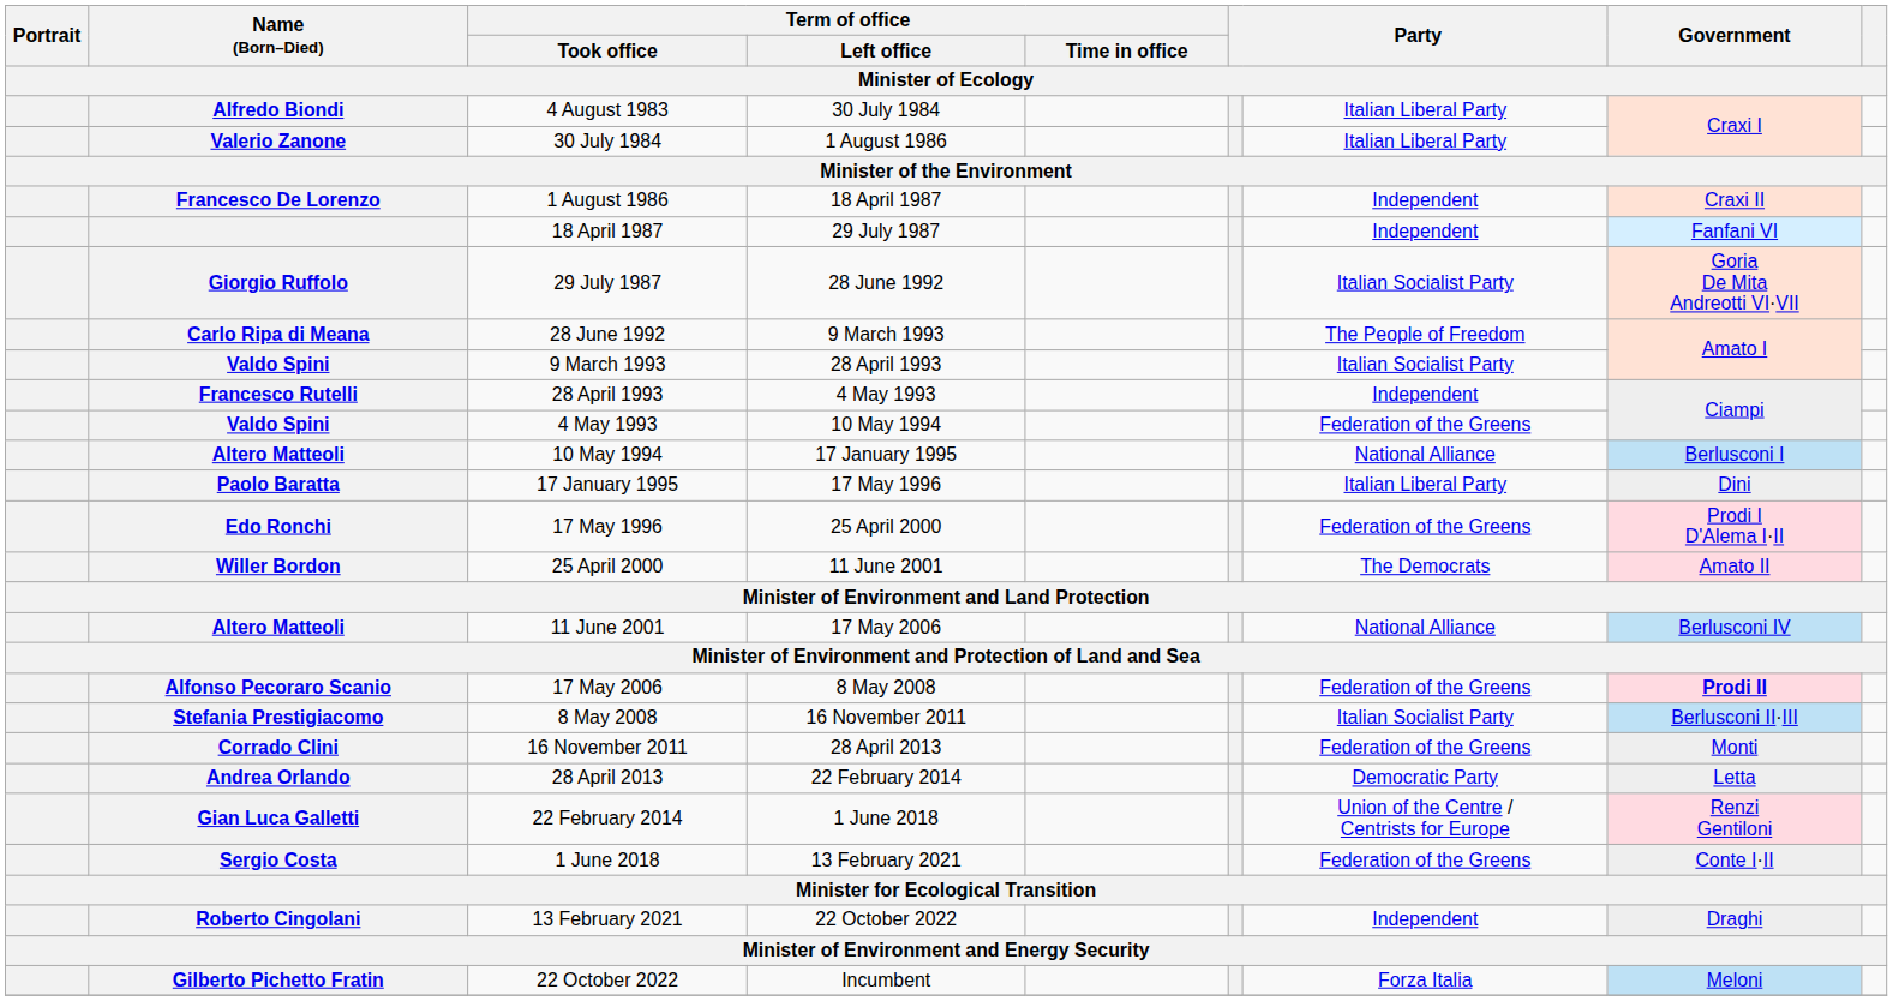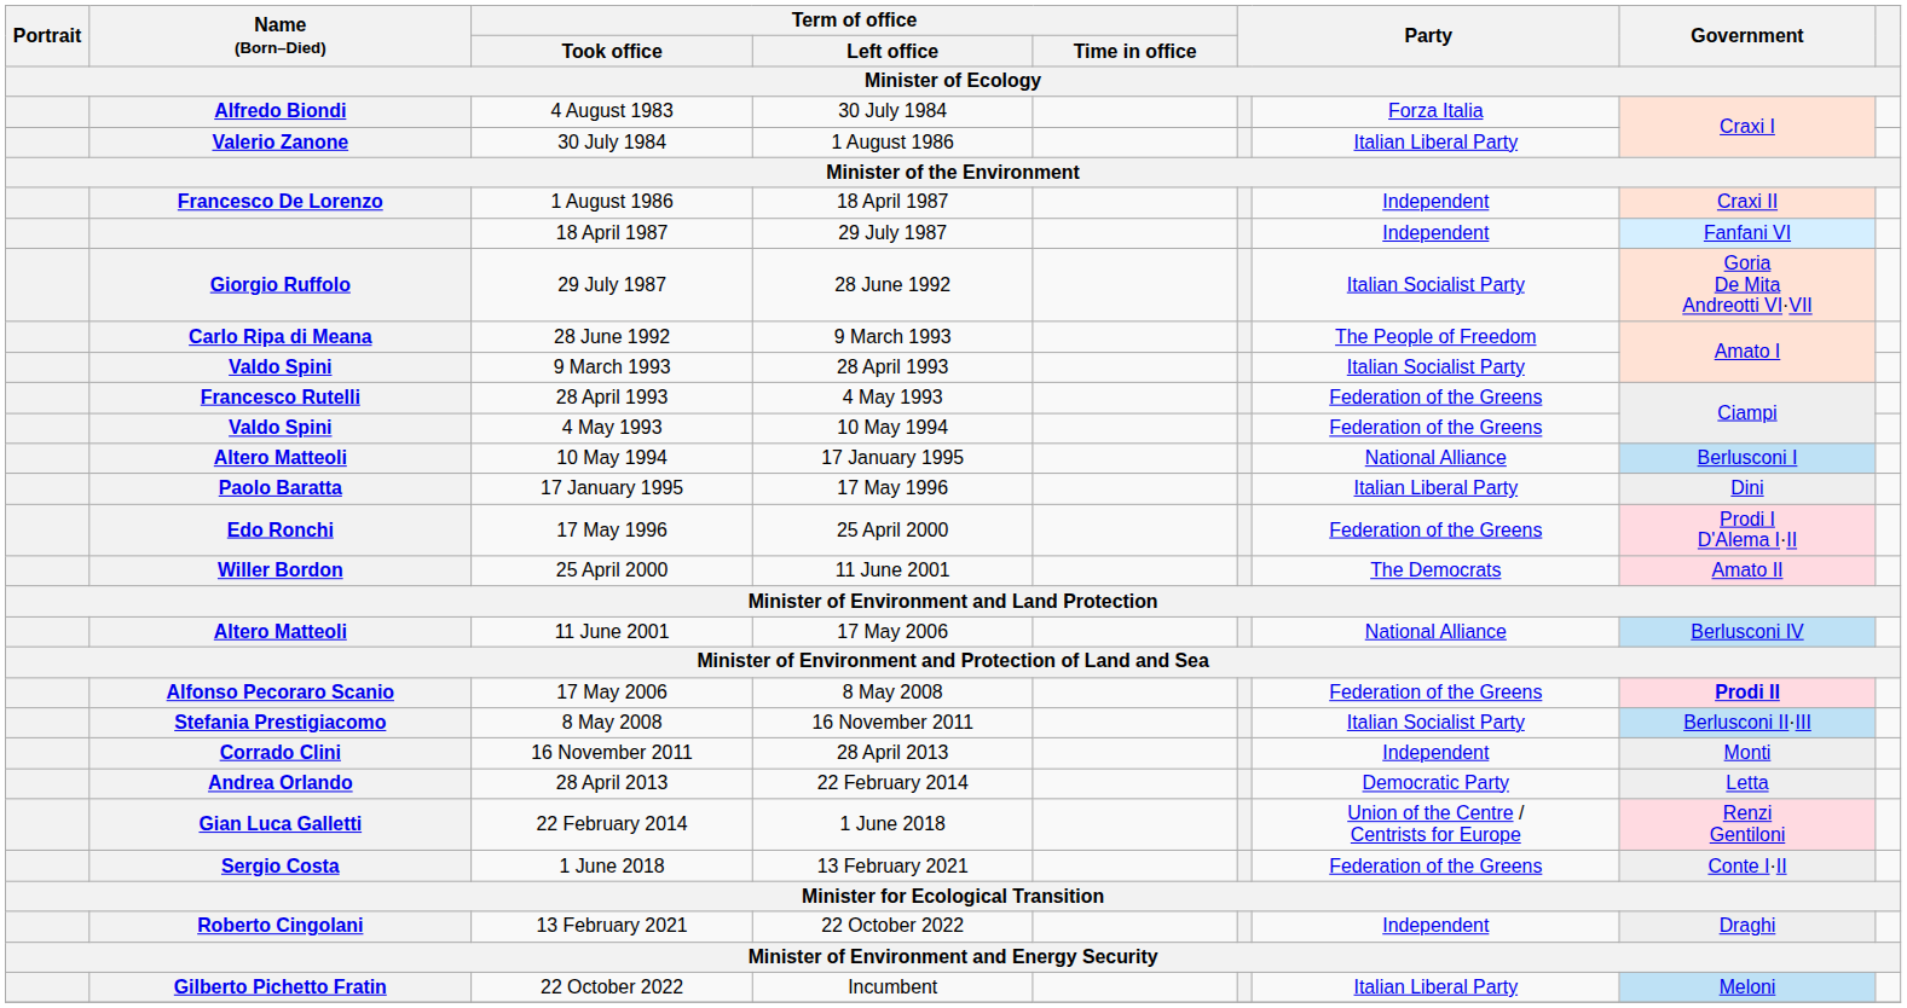 <table class="wikitable" style="text-align:center; style="width=100%">
 <tr>
 <th width=1% rowspan=2>Portrait</th>
 <th width=15% rowspan=2>Name<br><small>(Born–Died)</small></th>
 <th width=30% colspan=3>Term of office</th>
 <th width=15% rowspan=2 colspan=2>Party</th>
 <th width=10% rowspan=2>Government</th>
 <th width=1% rowspan=2></th>
 </tr>
 <tr style="text-align:center;">
 <th width=11%>Took office</th>
 <th width=11%>Left office</th>
 <th width=8%>Time in office</th>
 </tr>
 <tr>
 <th colspan=10>Minister of Ecology</th>
 </tr>
 <tr>
 <th></th>
 <th scope="row" style="font-weight:normal"><strong><a href='#'>Alfredo Biondi</a></strong><br></th>
 <td>4 August 1983</td>
 <td>30 July 1984</td>
 <td></td>
 <th style="background:"></th>
-<td><a href='#'>Italian Liberal Party</a></td>
+<td><a href='#'>Forza Italia</a></td>
 <td rowspan=2 bgcolor=#FFE2D5><a href='#'>Craxi I</a></td>
 <td></td>
 </tr>
 <tr>
 <th></th>
 <th scope="row" style="font-weight:normal"><strong><a href='#'>Valerio Zanone</a></strong><br></th>
 <td>30 July 1984</td>
 <td>1 August 1986</td>
 <td></td>
 <th style="background:"></th>
 <td><a href='#'>Italian Liberal Party</a></td>
 <td></td>
 </tr>
 <tr>
 <th colspan=9>Minister of the Environment</th>
 </tr>
 <tr>
 <th></th>
 <th scope="row" style="font-weight:normal"><strong><a href='#'>Francesco De Lorenzo</a></strong><br></th>
 <td>1 August 1986</td>
 <td>18 April 1987</td>
 <td></td>
 <th style="background:"></th>
 <td><a href='#'>Independent</a></td>
 <td bgcolor=#FFE2D5><a href='#'>Craxi II</a></td>
 <td></td>
 </tr>
 <tr>
 <th></th>
 <th scope="row" style="font-weight:normal"><strong></strong><br></th>
 <td>18 April 1987</td>
 <td>29 July 1987</td>
 <td></td>
 <th style="background:"></th>
 <td><a href='#'>Independent</a></td>
 <td bgcolor=#D5EFFF><a href='#'>Fanfani VI</a></td>
 <td></td>
 </tr>
 <tr>
 <th></th>
 <th scope="row" style="font-weight:normal"><strong><a href='#'>Giorgio Ruffolo</a></strong><br></th>
 <td>29 July 1987</td>
 <td>28 June 1992</td>
 <td></td>
 <th style="background:"></th>
 <td><a href='#'>Italian Socialist Party</a></td>
 <td bgcolor=#FFE2D5><a href='#'>Goria</a><br><a href='#'>De Mita</a><br><a href='#'>Andreotti VI</a>·<a href='#'>VII</a></td>
 <td></td>
 </tr>
 <tr>
 <th></th>
 <th scope="row" style="font-weight:normal"><strong><a href='#'>Carlo Ripa di Meana</a></strong><br></th>
 <td>28 June 1992</td>
 <td>9 March 1993</td>
 <td></td>
 <th style="background:"></th>
 <td><a href='#'>The People of Freedom</a></td>
 <td rowspan=2 bgcolor=#FFE2D5><a href='#'>Amato I</a></td>
 <td></td>
 </tr>
 <tr>
 <th></th>
 <th scope="row" style="font-weight:normal"><strong><a href='#'>Valdo Spini</a></strong><br></th>
 <td>9 March 1993</td>
 <td>28 April 1993</td>
 <td></td>
 <th style="background:"></th>
 <td><a href='#'>Italian Socialist Party</a></td>
 <td></td>
 </tr>
 <tr>
 <th></th>
 <th scope="row" style="font-weight:normal"><strong><a href='#'>Francesco Rutelli</a></strong><br></th>
 <td>28 April 1993</td>
 <td>4 May 1993</td>
 <td></td>
 <th style="background:"></th>
-<td><a href='#'>Independent</a></td>
+<td><a href='#'>Federation of the Greens</a></td>
 <td rowspan=2 bgcolor=#EEEEEE><a href='#'>Ciampi</a></td>
 <td></td>
 </tr>
 <tr>
 <th></th>
 <th scope="row" style="font-weight:normal"><strong><a href='#'>Valdo Spini</a></strong><br></th>
 <td>4 May 1993</td>
 <td>10 May 1994</td>
 <td></td>
 <th style="background:"></th>
 <td><a href='#'>Federation of the Greens</a></td>
 <td></td>
 </tr>
 <tr>
 <th></th>
 <th scope="row" style="font-weight:normal"><strong><a href='#'>Altero Matteoli</a></strong><br></th>
 <td>10 May 1994</td>
 <td>17 January 1995</td>
 <td></td>
 <th style="background:"></th>
 <td><a href='#'>National Alliance</a></td>
 <td bgcolor=#BEE1F5><a href='#'>Berlusconi I</a></td>
 <td></td>
 </tr>
 <tr>
 <th></th>
 <th scope="row" style="font-weight:normal"><strong><a href='#'>Paolo Baratta</a></strong><br></th>
 <td>17 January 1995</td>
 <td>17 May 1996</td>
 <td></td>
 <th style="background:"></th>
 <td><a href='#'>Italian Liberal Party</a></td>
 <td bgcolor=#EEEEEE><a href='#'>Dini</a></td>
 <td></td>
 </tr>
 <tr>
 <th></th>
 <th scope="row" style="font-weight:normal"><strong><a href='#'>Edo Ronchi</a></strong><br></th>
 <td>17 May 1996</td>
 <td>25 April 2000</td>
 <td></td>
 <th style="background:"></th>
 <td><a href='#'>Federation of the Greens</a></td>
 <td bgcolor=#FFDAE1><a href='#'>Prodi I</a><br><a href='#'>D'Alema I</a>·<a href='#'>II</a></td>
 <td></td>
 </tr>
 <tr>
 <th></th>
 <th scope="row" style="font-weight:normal"><strong><a href='#'>Willer Bordon</a></strong><br></th>
 <td>25 April 2000</td>
 <td>11 June 2001</td>
 <td></td>
 <th style="background:"></th>
 <td><a href='#'>The Democrats</a></td>
 <td bgcolor=#FFDAE1><a href='#'>Amato II</a></td>
 <td></td>
 </tr>
 <tr>
 <th colspan=9>Minister of Environment and Land Protection</th>
 </tr>
 <tr>
 <th></th>
 <th scope="row" style="font-weight:normal"><strong><a href='#'>Altero Matteoli</a></strong><br></th>
 <td>11 June 2001</td>
 <td>17 May 2006</td>
 <td></td>
 <th style="background:"></th>
 <td><a href='#'>National Alliance</a></td>
 <td bgcolor=#BEE1F5><a href='#'>Berlusconi IV</a></td>
 <td></td>
 </tr>
 <tr>
 <th colspan=9>Minister of Environment and Protection of Land and Sea</th>
 </tr>
 <tr>
 <th></th>
 <th scope="row" style="font-weight:normal"><strong><a href='#'>Alfonso Pecoraro Scanio</a></strong><br></th>
 <td>17 May 2006</td>
 <td>8 May 2008</td>
 <td></td>
 <th style="background:"></th>
 <td><a href='#'>Federation of the Greens</a></td>
 <td bgcolor=#FFDAE1><strong><a href='#'>Prodi II</a></strong></td>
 <td></td>
 </tr>
 <tr>
 <th></th>
 <th scope="row" style="font-weight:normal"><strong><a href='#'>Stefania Prestigiacomo</a></strong><br></th>
 <td>8 May 2008</td>
 <td>16 November 2011</td>
 <td></td>
 <th style="background:"></th>
 <td><a href='#'>Italian Socialist Party</a></td>
 <td bgcolor=#BEE1F5><a href='#'>Berlusconi II</a>·<a href='#'>III</a></td>
 <td></td>
 </tr>
 <tr>
 <th></th>
 <th scope="row" style="font-weight:normal"><strong><a href='#'>Corrado Clini</a></strong><br></th>
 <td>16 November 2011</td>
 <td>28 April 2013</td>
 <td></td>
 <th style="background:"></th>
-<td><a href='#'>Federation of the Greens</a></td>
+<td><a href='#'>Independent</a></td>
 <td bgcolor=#EEEEEE><a href='#'>Monti</a></td>
 <td></td>
 </tr>
 <tr>
 <th></th>
 <th scope="row" style="font-weight:normal"><strong><a href='#'>Andrea Orlando</a></strong><br></th>
 <td>28 April 2013</td>
 <td>22 February 2014</td>
 <td></td>
 <th style="background:"></th>
 <td><a href='#'>Democratic Party</a></td>
 <td bgcolor=#EEEEEE><a href='#'>Letta</a></td>
 <td></td>
 </tr>
 <tr>
 <th></th>
 <th scope="row" style="font-weight:normal"><strong><a href='#'>Gian Luca Galletti</a></strong><br></th>
 <td>22 February 2014</td>
 <td>1 June 2018</td>
 <td></td>
 <th style="background:"></th>
 <td><a href='#'>Union of the Centre</a> /<br><a href='#'>Centrists for Europe</a></td>
 <td bgcolor=#FFDAE1><a href='#'>Renzi</a><br><a href='#'>Gentiloni</a></td>
 <td></td>
 </tr>
 <tr>
 <th></th>
 <th scope="row" style="font-weight:normal"><strong><a href='#'>Sergio Costa</a></strong><br></th>
 <td>1 June 2018</td>
 <td>13 February 2021</td>
 <td></td>
 <th style="background:"></th>
 <td><a href='#'>Federation of the Greens</a></td>
 <td bgcolor=#EEEEEE><a href='#'>Conte I</a>·<a href='#'>II</a></td>
 <td></td>
 </tr>
 <tr>
 <th colspan=9>Minister for Ecological Transition</th>
 </tr>
 <tr>
 <th></th>
 <th scope="row" style="font-weight:normal"><strong><a href='#'>Roberto Cingolani</a></strong><br></th>
 <td>13 February 2021</td>
 <td>22 October 2022</td>
 <td></td>
 <th style="background:"></th>
 <td><a href='#'>Independent</a></td>
 <td bgcolor=#EEEEEE><a href='#'>Draghi</a></td>
 <td></td>
 </tr>
 <tr>
 <th colspan=9>Minister of Environment and Energy Security</th>
 </tr>
 <tr>
 <th></th>
 <th scope="row" style="font-weight:normal"><strong><a href='#'>Gilberto Pichetto Fratin</a></strong><br></th>
 <td>22 October 2022</td>
 <td>Incumbent</td>
 <td></td>
 <th style="background:"></th>
-<td><a href='#'>Forza Italia</a></td>
+<td><a href='#'>Italian Liberal Party</a></td>
 <td bgcolor=#BEE1F5><a href='#'>Meloni</a></td>
 <td></td>
 </tr>
 <tr>
 </tr>
 </table>
